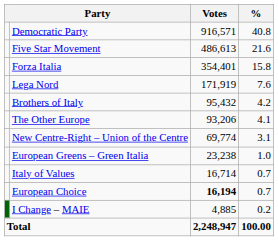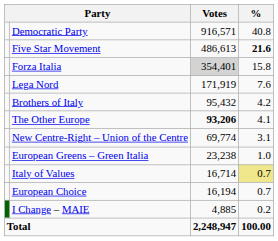 <table class="wikitable" style="font-size:95%">
 <tr>
 <th colspan=2>Party</th>
 <th>Votes</th>
 <th>%</th>
 </tr>
 <tr>
 <td></td>
 <td><a href='#'>Democratic Party</a></td>
 <td align=right>916,571</td>
 <td align=right>40.8</td>
 </tr>
 <tr>
 <td></td>
 <td><a href='#'>Five Star Movement</a></td>
 <td align=right>486,613</td>
-<td align=right>21.6</td>
+<td align=right><strong>21.6</strong></td>
 </tr>
 <tr>
 <td></td>
 <td><a href='#'>Forza Italia</a></td>
-<td align=right>354,401</td>
+<td align=right style="background: lightgrey;">354,401</td>
 <td align=right>15.8</td>
 </tr>
 <tr>
 <td></td>
 <td><a href='#'>Lega Nord</a></td>
 <td align=right>171,919</td>
 <td align=right>7.6</td>
 </tr>
 <tr>
 <td></td>
 <td><a href='#'>Brothers of Italy</a></td>
 <td align=right>95,432</td>
 <td align=right>4.2</td>
 </tr>
 <tr>
 <td></td>
 <td><a href='#'>The Other Europe</a></td>
-<td align=right>93,206</td>
+<td align=right><strong>93,206</strong></td>
 <td align=right>4.1</td>
 </tr>
 <tr>
 <td></td>
 <td><a href='#'>New Centre-Right – Union of the Centre</a></td>
 <td align=right>69,774</td>
 <td align=right>3.1</td>
 </tr>
 <tr>
 <td></td>
 <td><a href='#'>European Greens – Green Italia</a></td>
 <td align=right>23,238</td>
 <td align=right>1.0</td>
 </tr>
 <tr>
 <td></td>
 <td><a href='#'>Italy of Values</a></td>
 <td align=right>16,714</td>
-<td align=right>0.7</td>
+<td align=right style="background: khaki;">0.7</td>
 </tr>
 <tr>
 <td></td>
 <td><a href='#'>European Choice</a></td>
-<td align=right><strong>16,194</strong></td>
+<td align=right>16,194</td>
 <td align=right>0.7</td>
 </tr>
 <tr>
 <td bgcolor="darkgreen"></td>
 <td><a href='#'>I Change</a> – <a href='#'>MAIE</a></td>
 <td align=right>4,885</td>
 <td align=right>0.2</td>
 </tr>
 <tr>
 <td colspan=2><strong>Total</strong></td>
 <td align=right><strong>2,248,947</strong></td>
 <td align=right><strong>100.00</strong></td>
 </tr>
 </table>
